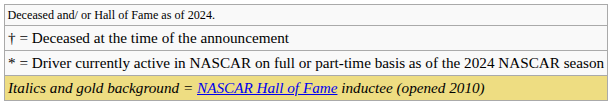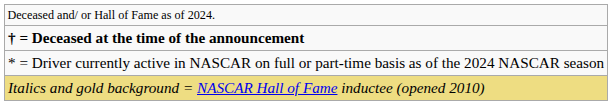 <table class="wikitable" style="font-size:95%">
 <tr>
 <td style="font-size:80%">Deceased and/ or Hall of Fame as of 2024.</td>
 </tr>
 <tr>
-<td>† = Deceased at the time of the announcement</td>
+<td><strong>† = Deceased at the time of the announcement</strong></td>
 </tr>
 <tr>
 <td>* = Driver currently active in NASCAR on full or part-time basis as of the 2024 NASCAR season</td>
 </tr>
 <tr>
 <td style="background:#eedd82"><em>Italics and gold background = <a href='#'>NASCAR Hall of Fame</a> inductee (opened 2010)</em></td>
 </tr>
 <tr>
 </tr>
 </table>
